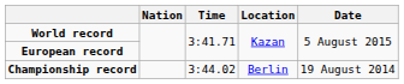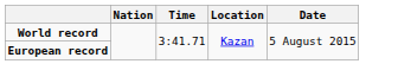 <table class=wikitable style=text-align:center>
 <tr>
 <th></th>
 <th>Nation</th>
 <th>Time</th>
 <th>Location</th>
 <th>Date</th>
 </tr>
 <tr>
 <td><strong>World record</strong></td>
 <td align=left rowspan=2></td>
 <td align=left rowspan=2>3:41.71</td>
 <td rowspan=2><a href='#'>Kazan</a></td>
 <td rowspan=2>5 August 2015</td>
 </tr>
 <tr>
 <td><strong>European record</strong></td>
 </tr>
-<tr>
-<td><strong>Championship record</strong></td>
-<td align=left></td>
-<td align=left>3:44.02</td>
-<td><a href='#'>Berlin</a></td>
-<td>19 August 2014</td>
-</tr>
 </table>
